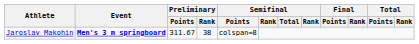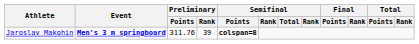 <table class=wikitable style=font-size:90%;text-align:center>
 <tr>
 <th rowspan=2>Athlete</th>
 <th rowspan=2>Event</th>
 <th colspan=2>Preliminary</th>
 <th colspan=4>Semifinal</th>
 <th colspan=2>Final</th>
 <th colspan=2>Total</th>
 </tr>
 <tr style=font-size:95%>
 <th>Points</th>
 <th>Rank</th>
 <th>Points</th>
 <th>Rank</th>
 <th>Total</th>
 <th>Rank</th>
 <th>Points</th>
 <th>Rank</th>
 <th>Points</th>
 <th>Rank</th>
 </tr>
 <tr>
 <td align=left><a href='#'>Jaroslav Makohin</a></td>
 <td align=left><strong><a href='#'>Men's 3 m springboard</a></strong></td>
-<td>311.67</td>
-<td>38</td>
-<td>colspan=8 </td>
+<td>311.76</td>
+<td>39</td>
+<td><strong>colspan=8 </strong></td>
 </tr>
 </table>
